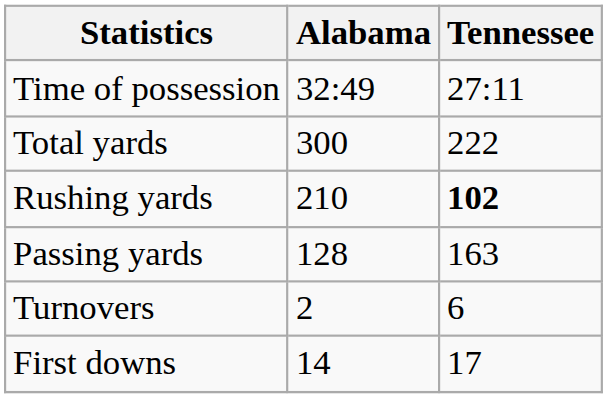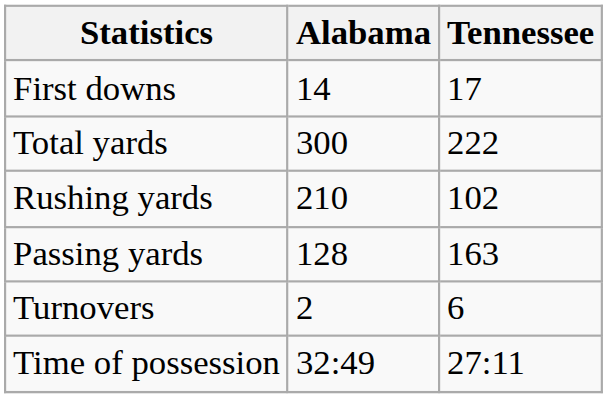 <table class="wikitable" style="float: left;">
 <tr>
 <th>Statistics</th>
 <th>Alabama</th>
 <th>Tennessee</th>
 </tr>
 <tr>
-<td>Time of possession</td>
-<td>32:49</td>
-<td>27:11</td>
+<td>First downs</td>
+<td>14</td>
+<td>17</td>
 </tr>
 <tr>
 <td>Total yards</td>
 <td>300</td>
 <td>222</td>
 </tr>
 <tr>
 <td>Rushing yards</td>
 <td>210</td>
-<td><strong>102</strong></td>
+<td>102</td>
 </tr>
 <tr>
 <td>Passing yards</td>
 <td>128</td>
 <td>163</td>
 </tr>
 <tr>
 <td>Turnovers</td>
 <td>2</td>
 <td>6</td>
 </tr>
 <tr>
-<td>First downs</td>
-<td>14</td>
-<td>17</td>
+<td>Time of possession</td>
+<td>32:49</td>
+<td>27:11</td>
 </tr>
 <tr>
 </tr>
 </table>
